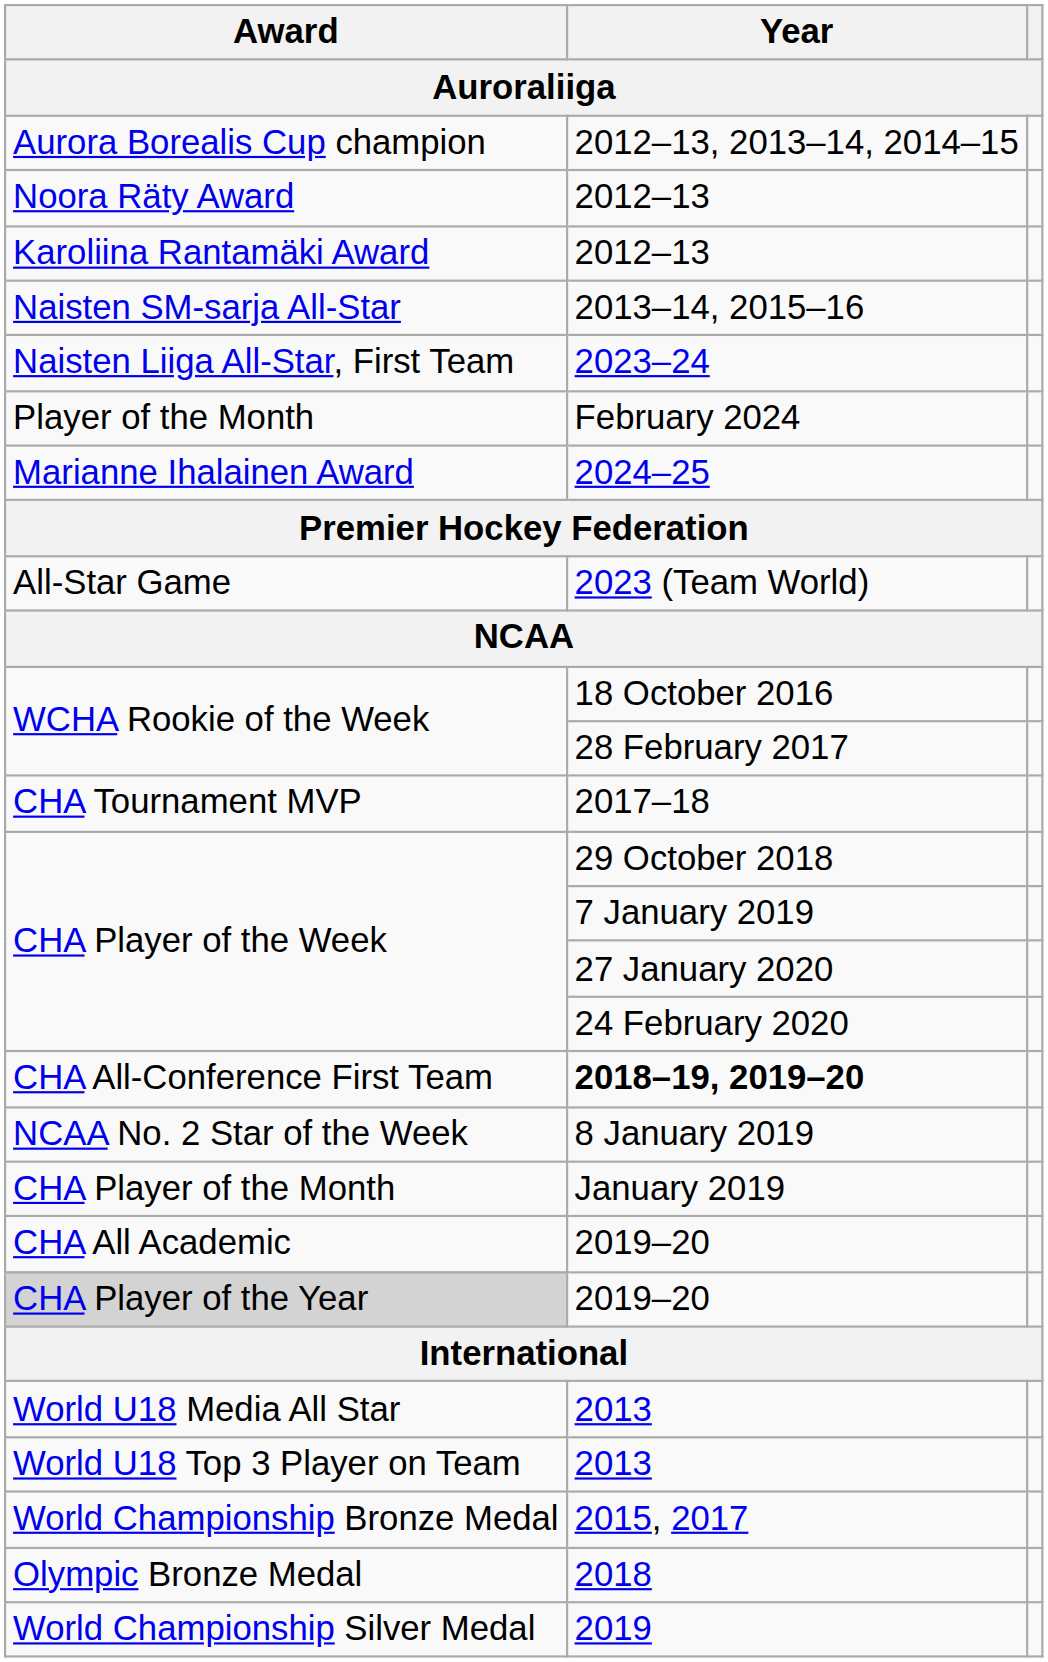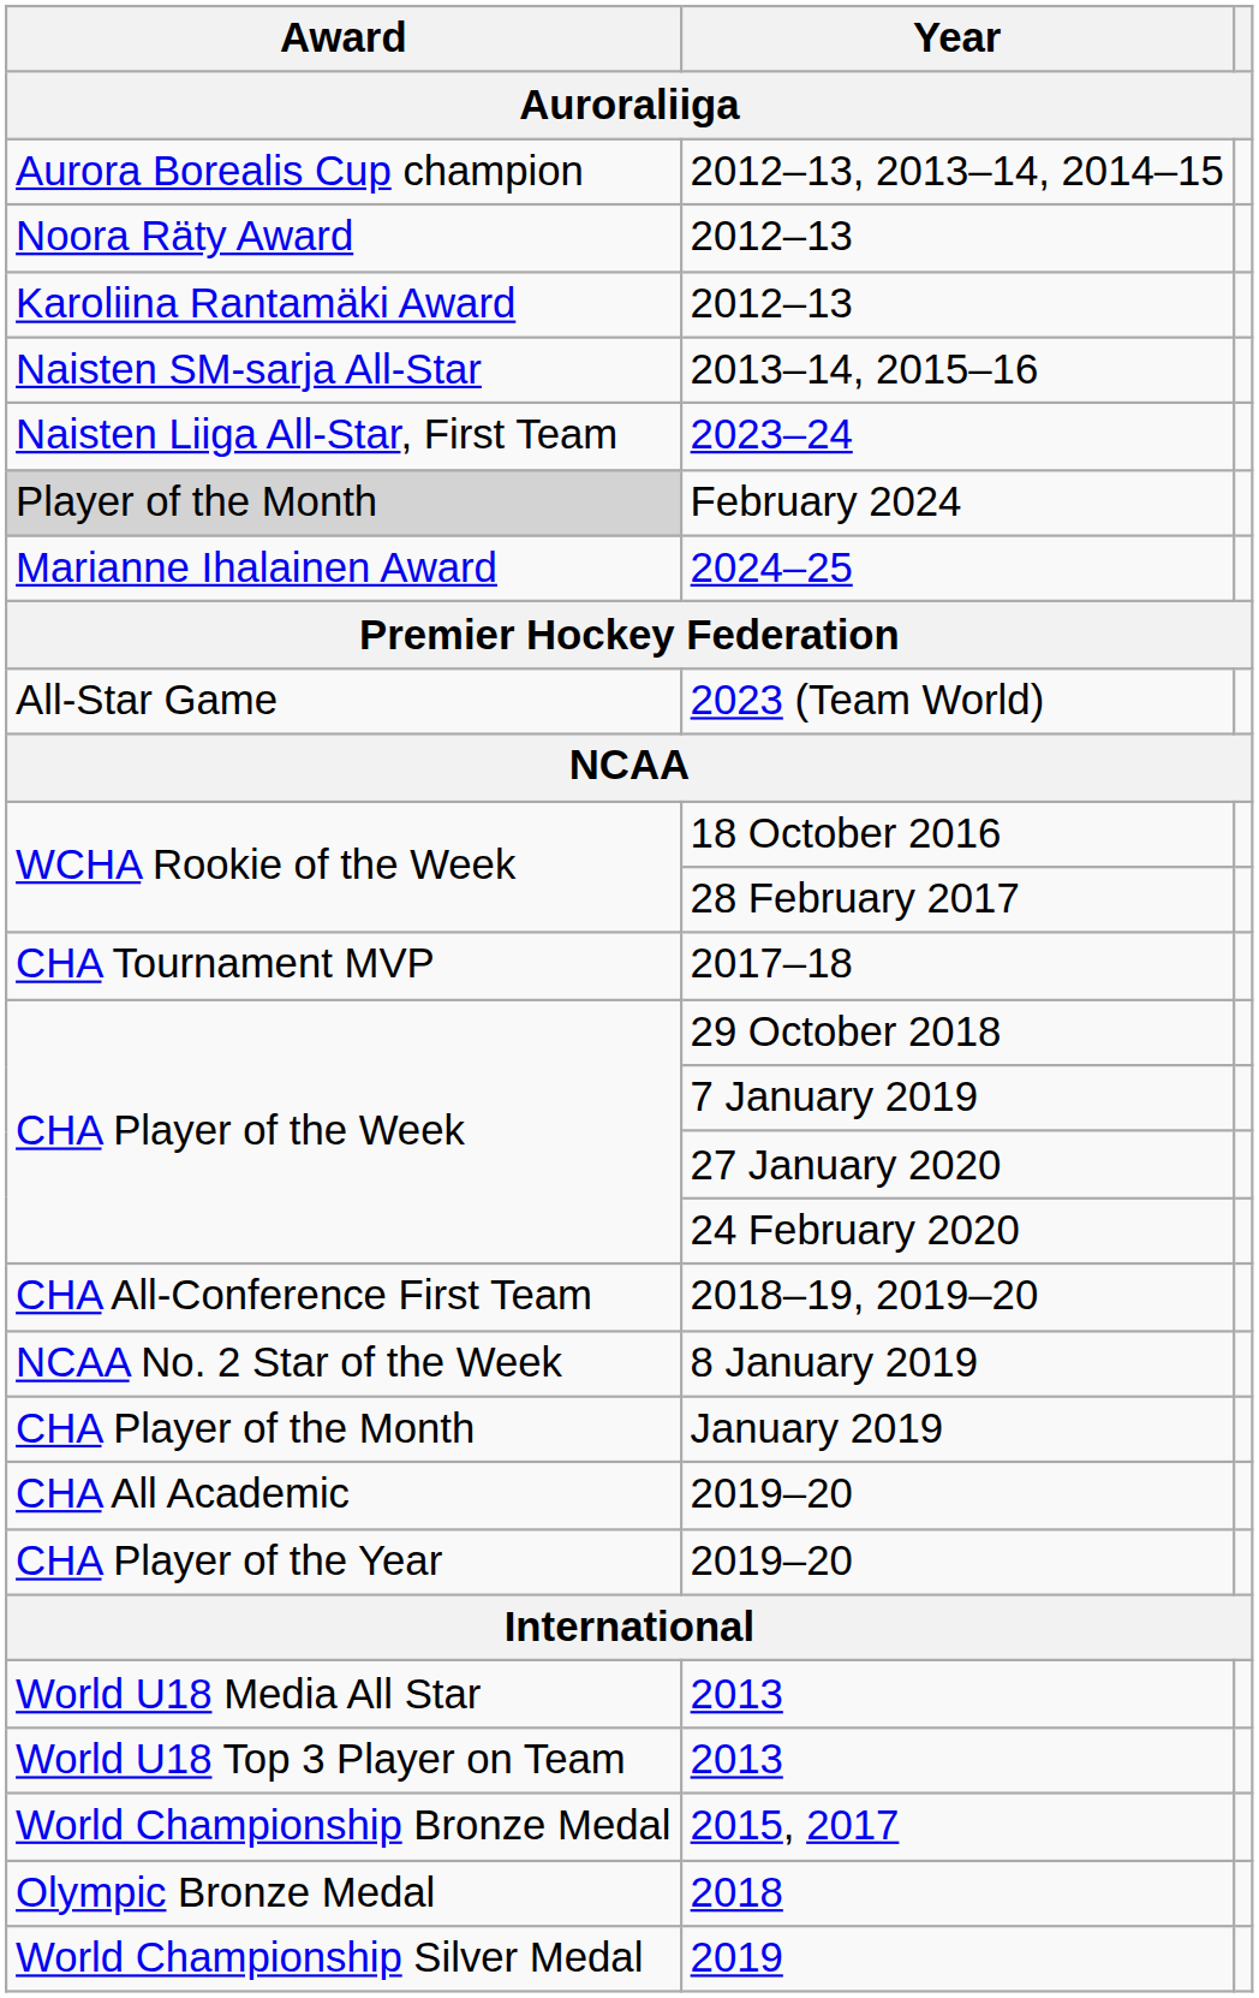 <table class="wikitable">
 <tr>
 <th scope="col">Award</th>
 <th scope="col">Year</th>
 <th scope="col"></th>
 </tr>
 <tr>
 <th colspan="3">Auroraliiga<br></th>
 </tr>
 <tr>
 <td><a href='#'>Aurora Borealis Cup</a> champion</td>
 <td>2012–13, 2013–14, 2014–15</td>
 <td></td>
 </tr>
 <tr>
 <td><a href='#'>Noora Räty Award</a></td>
 <td>2012–13</td>
 <td></td>
 </tr>
 <tr>
 <td><a href='#'>Karoliina Rantamäki Award</a></td>
 <td>2012–13</td>
 <td></td>
 </tr>
 <tr>
 <td><a href='#'>Naisten SM-sarja All-Star</a></td>
 <td>2013–14, 2015–16</td>
 <td></td>
 </tr>
 <tr>
 <td><a href='#'>Naisten Liiga All-Star</a>, First Team</td>
 <td><a href='#'>2023–24</a></td>
 <td align="center"></td>
 </tr>
 <tr>
-<td>Player of the Month</td>
+<td style="background: lightgrey;">Player of the Month</td>
 <td>February 2024</td>
 <td align="center"></td>
 </tr>
 <tr>
 <td><a href='#'>Marianne Ihalainen Award</a></td>
 <td><a href='#'>2024–25</a></td>
 <td></td>
 </tr>
 <tr>
 <th colspan="3">Premier Hockey Federation</th>
 </tr>
 <tr>
 <td>All-Star Game</td>
 <td><a href='#'>2023</a> (Team World)</td>
 <td></td>
 </tr>
 <tr>
 <th colspan="3">NCAA</th>
 </tr>
 <tr>
 <td rowspan="2"><a href='#'>WCHA</a> Rookie of the Week</td>
 <td>18 October 2016</td>
 <td align="center"></td>
 </tr>
 <tr>
 <td>28 February 2017</td>
 <td align="center"></td>
 </tr>
 <tr>
 <td><a href='#'>CHA</a> Tournament MVP</td>
 <td>2017–18</td>
 <td align="center"></td>
 </tr>
 <tr>
 <td rowspan="4"><a href='#'>CHA</a> Player of the Week</td>
 <td>29 October 2018</td>
 <td align="center"></td>
 </tr>
 <tr>
 <td>7 January 2019</td>
 <td align="center"></td>
 </tr>
 <tr>
 <td>27 January 2020</td>
 <td align="center"></td>
 </tr>
 <tr>
 <td>24 February 2020</td>
 <td align="center"></td>
 </tr>
 <tr>
 <td><a href='#'>CHA</a> All-Conference First Team</td>
-<td><strong>2018–19, 2019–20</strong></td>
+<td>2018–19, 2019–20</td>
 <td align="center"></td>
 </tr>
 <tr>
 <td><a href='#'>NCAA</a> No. 2 Star of the Week</td>
 <td>8 January 2019</td>
 <td align="center"></td>
 </tr>
 <tr>
 <td><a href='#'>CHA</a> Player of the Month</td>
 <td>January 2019</td>
 <td align="center"></td>
 </tr>
 <tr>
 <td><a href='#'>CHA</a> All Academic</td>
 <td>2019–20</td>
 <td align="center"></td>
 </tr>
 <tr>
-<td style="background: lightgrey;"><a href='#'>CHA</a> Player of the Year</td>
+<td><a href='#'>CHA</a> Player of the Year</td>
 <td>2019–20</td>
 <td align="center"></td>
 </tr>
 <tr>
 <th colspan="3">International</th>
 </tr>
 <tr>
 <td><a href='#'>World U18</a> Media All Star</td>
 <td><a href='#'>2013</a></td>
 <td></td>
 </tr>
 <tr>
 <td><a href='#'>World U18</a> Top 3 Player on Team</td>
 <td><a href='#'>2013</a></td>
 <td></td>
 </tr>
 <tr>
 <td><a href='#'>World Championship</a> Bronze Medal</td>
 <td><a href='#'>2015</a>, <a href='#'>2017</a></td>
 <td></td>
 </tr>
 <tr>
 <td><a href='#'>Olympic</a> Bronze Medal</td>
 <td><a href='#'>2018</a></td>
 <td></td>
 </tr>
 <tr>
 <td><a href='#'>World Championship</a> Silver Medal</td>
 <td><a href='#'>2019</a></td>
 <td></td>
 </tr>
 </table>
